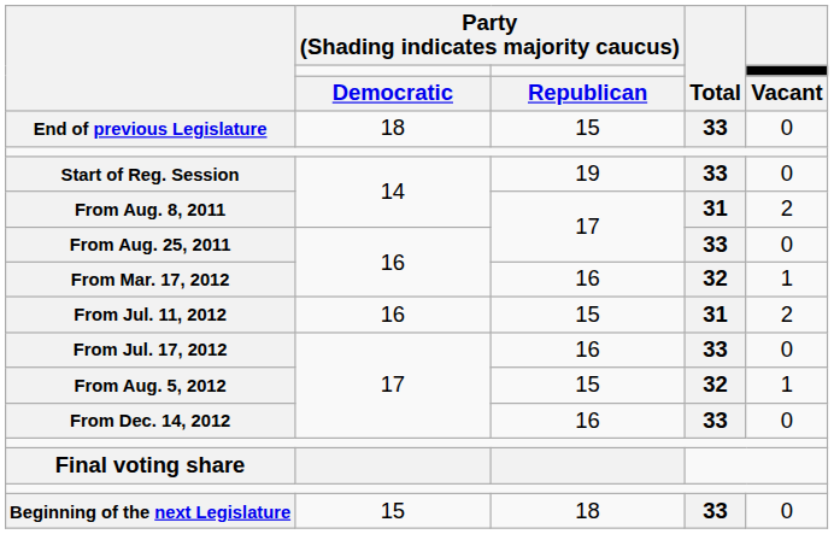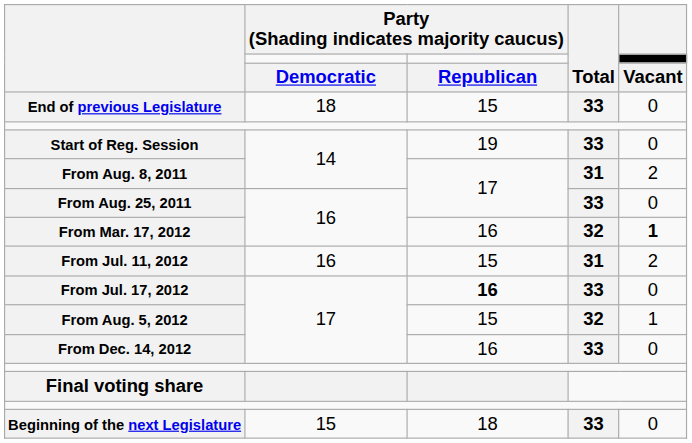 <table class=wikitable style="text-align:center">
 <tr style="vertical-align:bottom;">
 <th rowspan=3></th>
 <th colspan=2>Party <div>(Shading indicates majority caucus)</div></th>
 <th rowspan=3>Total</th>
 <th></th>
 </tr>
 <tr style="height:5px">
 <td style="background-color:"></td>
 <td style="background-color:"></td>
 <td style="background-color:black"></td>
 </tr>
 <tr>
 <th><a href='#'>Democratic</a></th>
 <th><a href='#'>Republican</a></th>
 <th>Vacant</th>
 </tr>
 <tr>
 <th nowrap style="font-size:80%">End of <a href='#'>previous Legislature</a></th>
 <td>18</td>
 <td>15</td>
 <th>33</th>
 <td>0</td>
 </tr>
 <tr>
 <td colspan=5></td>
 </tr>
 <tr>
 <th nowrap style="font-size:80%">Start of Reg. Session</th>
 <td rowspan="2">14</td>
 <td>19</td>
 <th>33</th>
 <td>0</td>
 </tr>
 <tr>
 <th nowrap style="font-size:80%">From Aug. 8, 2011</th>
 <td rowspan="2" >17</td>
 <th>31</th>
 <td>2</td>
 </tr>
 <tr>
 <th nowrap style="font-size:80%">From Aug. 25, 2011</th>
 <td rowspan="2">16</td>
 <th>33</th>
 <td>0</td>
 </tr>
 <tr>
 <th nowrap style="font-size:80%">From Mar. 17, 2012</th>
 <td>16</td>
 <th>32</th>
-<td>1</td>
+<td><strong>1</strong></td>
 </tr>
 <tr>
 <th nowrap style="font-size:80%">From Jul. 11, 2012</th>
 <td>16</td>
 <td>15</td>
 <th>31</th>
 <td>2</td>
 </tr>
 <tr>
 <th nowrap style="font-size:80%">From Jul. 17, 2012</th>
 <td rowspan="3" >17</td>
-<td>16</td>
+<td><strong>16</strong></td>
 <th>33</th>
 <td>0</td>
 </tr>
 <tr>
 <th nowrap style="font-size:80%">From Aug. 5, 2012</th>
 <td>15</td>
 <th>32</th>
 <td>1</td>
 </tr>
 <tr>
 <th nowrap style="font-size:80%">From Dec. 14, 2012</th>
 <td>16</td>
 <th>33</th>
 <td>0</td>
 </tr>
 <tr>
 <td colspan=5></td>
 </tr>
 <tr>
 <th>Final voting share</th>
 <th></th>
 <th></th>
 <td colspan=2></td>
 </tr>
 <tr>
 <td colspan=6></td>
 </tr>
 <tr>
 <th style="white-space:nowrap; font-size:80%;">Beginning of the <a href='#'>next Legislature</a></th>
 <td>15</td>
 <td>18</td>
 <th>33</th>
 <td>0</td>
 </tr>
 </table>
